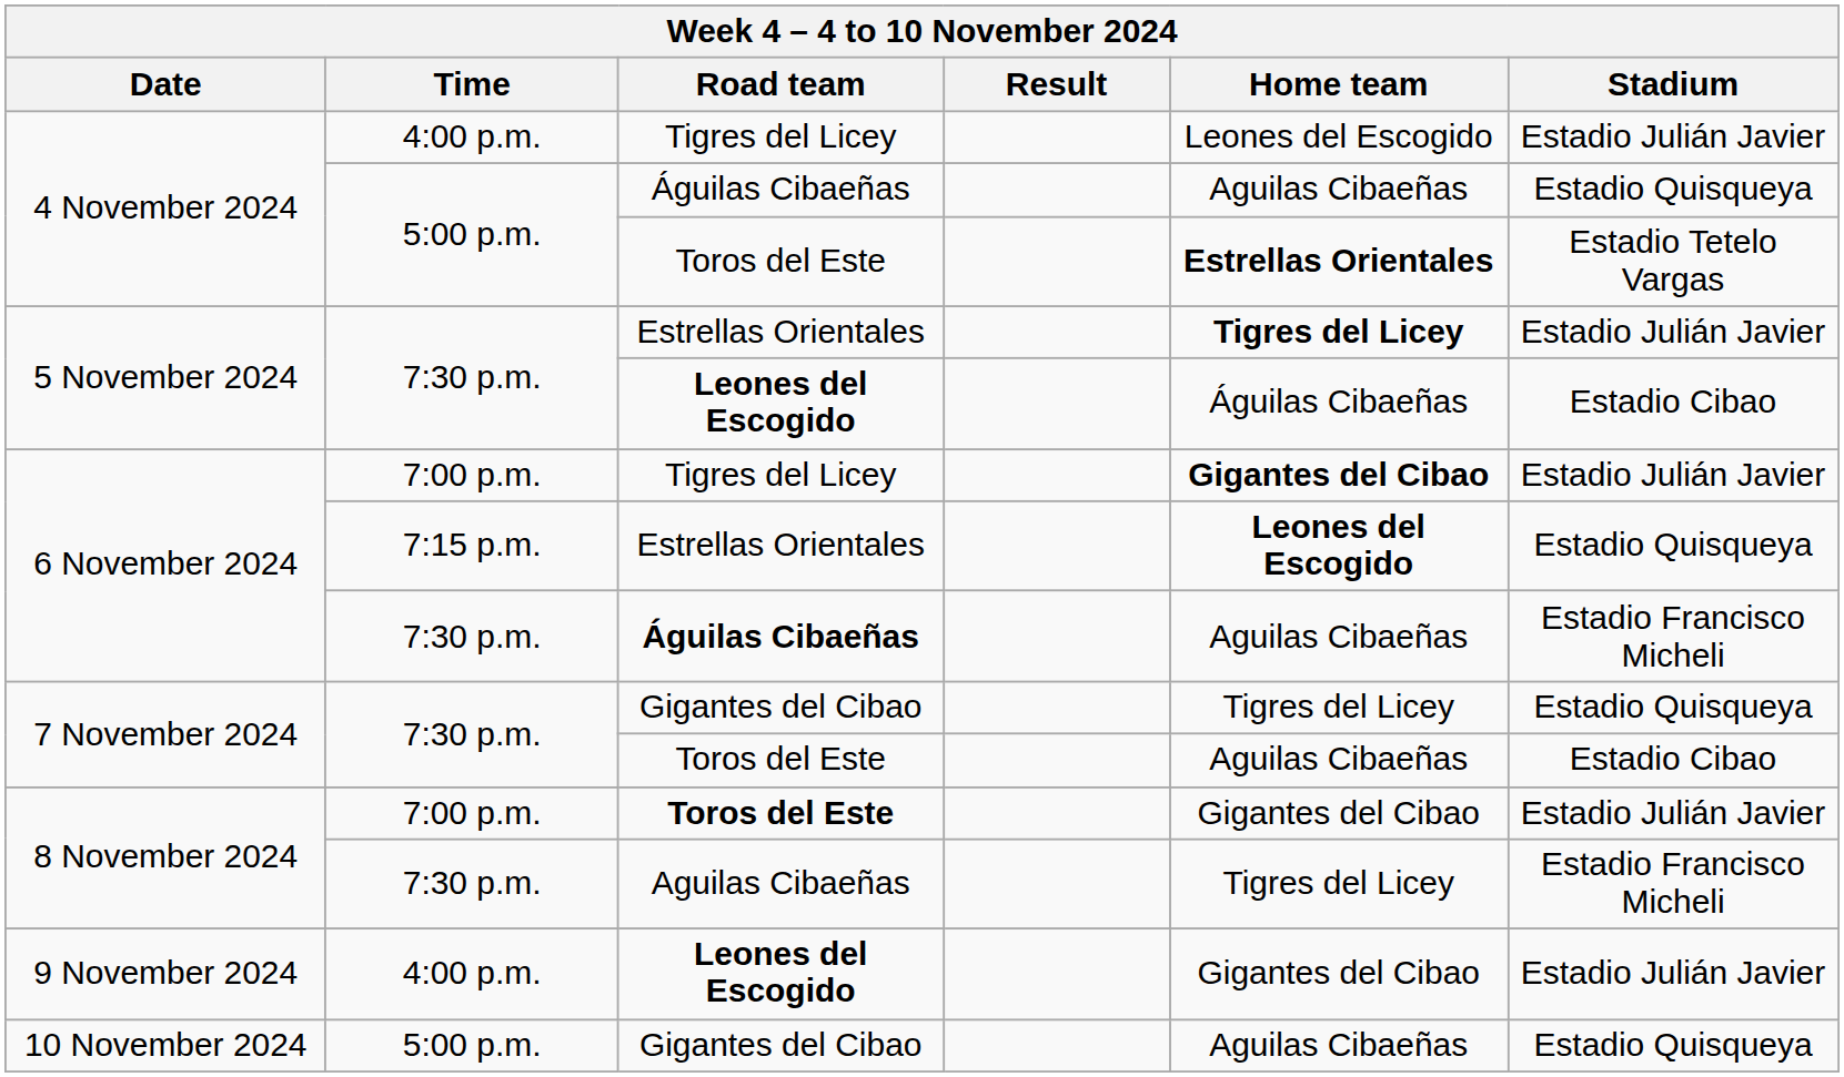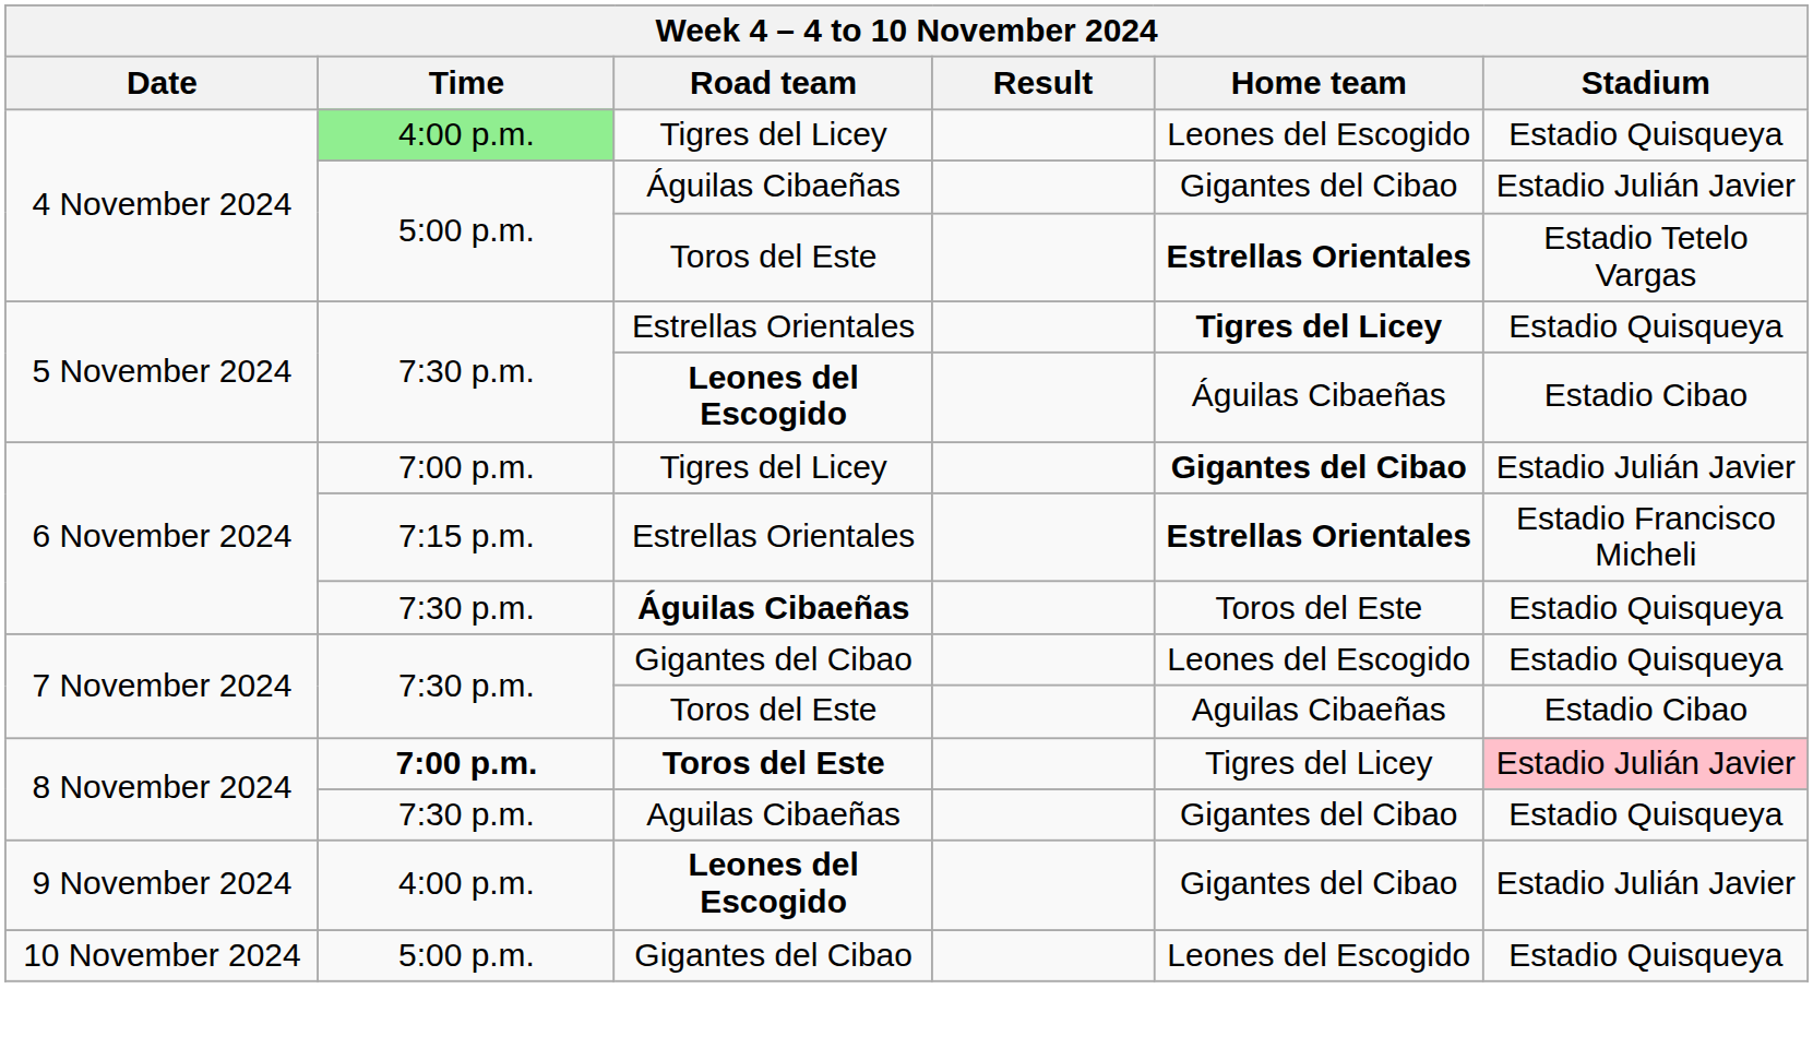 <table class="wikitable collapsible collapsed" style="font-size: 100%; text-align: center; width: 100%;">
 <tr>
 <th colspan="6" style="with: 100%;" align=center>Week 4 – 4 to 10 November 2024</th>
 </tr>
 <tr>
 <th width="50">Date</th>
 <th width="50">Time</th>
 <th width="75">Road team</th>
 <th width="50">Result</th>
 <th width="75">Home team</th>
 <th width="75">Stadium</th>
 </tr>
 <tr>
 <td rowspan="3">4 November 2024</td>
-<td>4:00 p.m.</td>
+<td style="background: lightgreen;">4:00 p.m.</td>
 <td>Tigres del Licey</td>
 <td></td>
 <td>Leones del Escogido</td>
-<td>Estadio Julián Javier</td>
+<td>Estadio Quisqueya</td>
 </tr>
 <tr>
 <td rowspan="2">5:00 p.m.</td>
 <td>Águilas Cibaeñas</td>
 <td></td>
-<td>Aguilas Cibaeñas</td>
-<td>Estadio Quisqueya</td>
+<td>Gigantes del Cibao</td>
+<td>Estadio Julián Javier</td>
 </tr>
 <tr>
 <td>Toros del Este</td>
 <td></td>
 <td><strong>Estrellas Orientales</strong></td>
 <td>Estadio Tetelo Vargas</td>
 </tr>
 <tr>
 <td rowspan="2">5 November 2024</td>
 <td rowspan="2">7:30 p.m.</td>
 <td>Estrellas Orientales</td>
 <td></td>
 <td><strong>Tigres del Licey</strong></td>
-<td>Estadio Julián Javier</td>
+<td>Estadio Quisqueya</td>
 </tr>
 <tr>
 <td><strong>Leones del Escogido</strong></td>
 <td></td>
 <td>Águilas Cibaeñas</td>
 <td>Estadio Cibao</td>
 </tr>
 <tr>
 <td rowspan="3">6 November 2024</td>
 <td>7:00 p.m.</td>
 <td>Tigres del Licey</td>
 <td></td>
 <td><strong>Gigantes del Cibao</strong></td>
 <td>Estadio Julián Javier</td>
 </tr>
 <tr>
 <td>7:15 p.m.</td>
 <td>Estrellas Orientales</td>
 <td></td>
-<td><strong>Leones del Escogido</strong></td>
-<td>Estadio Quisqueya</td>
+<td><strong>Estrellas Orientales</strong></td>
+<td>Estadio Francisco Micheli</td>
 </tr>
 <tr>
 <td>7:30 p.m.</td>
 <td><strong>Águilas Cibaeñas</strong></td>
 <td></td>
-<td>Aguilas Cibaeñas</td>
-<td>Estadio Francisco Micheli</td>
+<td>Toros del Este</td>
+<td>Estadio Quisqueya</td>
 </tr>
 <tr>
 <td rowspan="2">7 November 2024</td>
 <td rowspan="2">7:30 p.m.</td>
 <td>Gigantes del Cibao</td>
 <td></td>
-<td>Tigres del Licey</td>
+<td>Leones del Escogido</td>
 <td>Estadio Quisqueya</td>
 </tr>
 <tr>
 <td>Toros del Este</td>
 <td></td>
 <td>Aguilas Cibaeñas</td>
 <td>Estadio Cibao</td>
 </tr>
 <tr>
 <td rowspan="2">8 November 2024</td>
-<td>7:00 p.m.</td>
+<td><strong>7:00 p.m.</strong></td>
 <td><strong>Toros del Este</strong></td>
 <td></td>
-<td>Gigantes del Cibao</td>
-<td>Estadio Julián Javier</td>
+<td>Tigres del Licey</td>
+<td style="background: pink;">Estadio Julián Javier</td>
 </tr>
 <tr>
 <td>7:30 p.m.</td>
 <td>Aguilas Cibaeñas</td>
 <td></td>
-<td>Tigres del Licey</td>
-<td>Estadio Francisco Micheli</td>
+<td>Gigantes del Cibao</td>
+<td>Estadio Quisqueya</td>
 </tr>
 <tr>
 <td>9 November 2024</td>
 <td>4:00 p.m.</td>
 <td><strong>Leones del Escogido</strong></td>
 <td></td>
 <td>Gigantes del Cibao</td>
 <td>Estadio Julián Javier</td>
 </tr>
 <tr>
 <td>10 November 2024</td>
 <td>5:00 p.m.</td>
 <td>Gigantes del Cibao</td>
 <td></td>
-<td>Aguilas Cibaeñas</td>
+<td>Leones del Escogido</td>
 <td>Estadio Quisqueya</td>
 </tr>
 </table>
